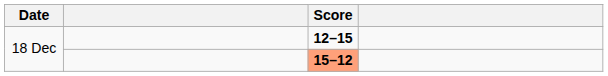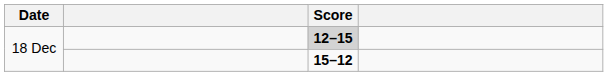 <table class="wikitable" style="text-align: center;">
 <tr>
 <th width="60">Date</th>
 <th align="right" width="270"></th>
 <th width="50">Score</th>
 <th align="left" width="270"></th>
 </tr>
 <tr>
 <td rowspan=2>18 Dec</td>
 <td align=left></td>
-<td align=center><strong>12–15</strong></td>
+<td align=center style="background: lightgrey;"><strong>12–15</strong></td>
 <td align=left><strong></strong></td>
 </tr>
 <tr>
 <td align=left><strong></strong></td>
-<td align=center style="background: lightsalmon;"><strong>15–12</strong></td>
+<td align=center><strong>15–12</strong></td>
 <td align=left></td>
 </tr>
 </table>
